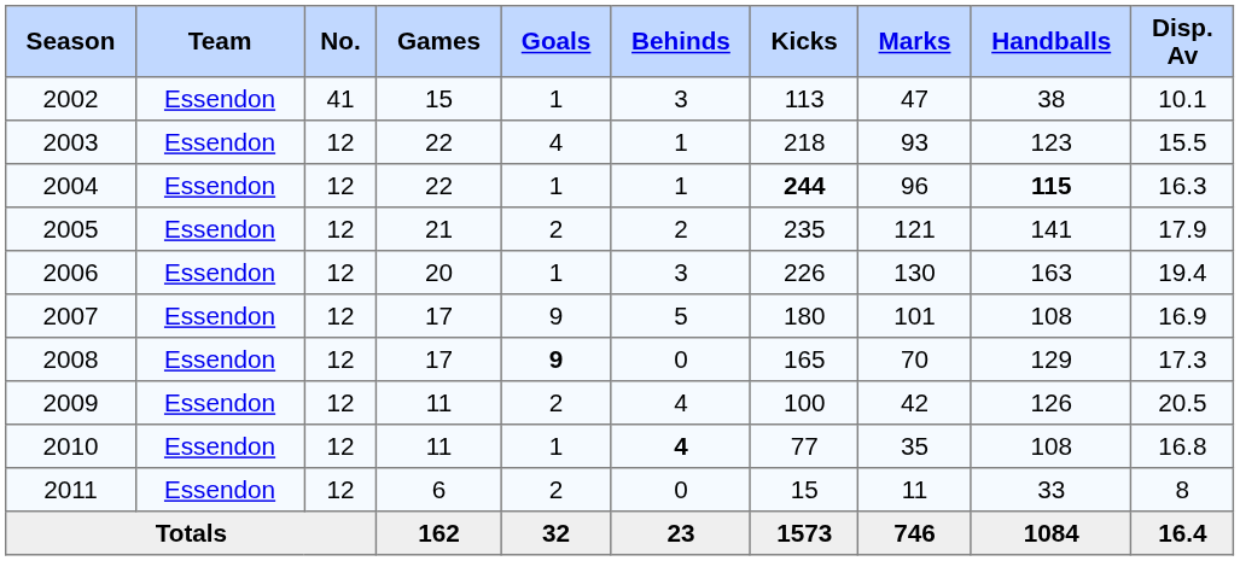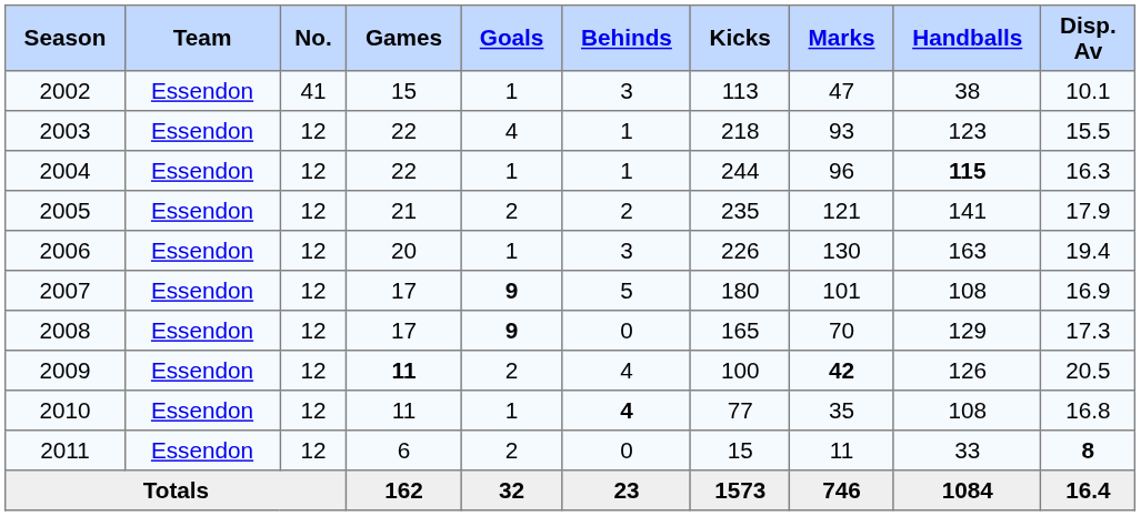 <table border="1" cellpadding="4" cellspacing="0" style="text-align:center; font-size:90%; border-collapse:collapse;" width=80%>
 <tr style="background:#C1D8FF;">
 <th width=3%>Season</th>
 <th width=5%>Team</th>
 <th width=2%>No.</th>
 <th width=3%>Games</th>
 <th width=3%><a href='#'>Goals</a></th>
 <th width=3%><a href='#'>Behinds</a></th>
 <th width=3%>Kicks</th>
 <th width=3%><a href='#'>Marks</a></th>
 <th width=3%><a href='#'>Handballs</a></th>
 <th width=3%>Disp. Av</th>
 </tr>
 <tr style="background:#F5FAFF;">
 <td>2002</td>
 <td><a href='#'>Essendon</a></td>
 <td>41</td>
 <td>15</td>
 <td>1</td>
 <td>3</td>
 <td>113</td>
 <td>47</td>
 <td>38</td>
 <td>10.1</td>
 </tr>
 <tr style="background:#F5FAFF;">
 <td>2003</td>
 <td><a href='#'>Essendon</a></td>
 <td>12</td>
 <td>22</td>
 <td>4</td>
 <td>1</td>
 <td>218</td>
 <td>93</td>
 <td>123</td>
 <td>15.5</td>
 </tr>
 <tr style="background:#F5FAFF;">
 <td>2004</td>
 <td><a href='#'>Essendon</a></td>
 <td>12</td>
 <td>22</td>
 <td>1</td>
 <td>1</td>
-<td><strong>244</strong></td>
+<td>244</td>
 <td>96</td>
 <td><strong>115</strong></td>
 <td>16.3</td>
 </tr>
 <tr style="background:#F5FAFF;">
 <td>2005</td>
 <td><a href='#'>Essendon</a></td>
 <td>12</td>
 <td>21</td>
 <td>2</td>
 <td>2</td>
 <td>235</td>
 <td>121</td>
 <td>141</td>
 <td>17.9</td>
 </tr>
 <tr style="background:#F5FAFF;">
 <td>2006</td>
 <td><a href='#'>Essendon</a></td>
 <td>12</td>
 <td>20</td>
 <td>1</td>
 <td>3</td>
 <td>226</td>
 <td>130</td>
 <td>163</td>
 <td>19.4</td>
 </tr>
 <tr style="background:#F5FAFF;">
 <td>2007</td>
 <td><a href='#'>Essendon</a></td>
 <td>12</td>
 <td>17</td>
-<td>9</td>
+<td><strong>9</strong></td>
 <td>5</td>
 <td>180</td>
 <td>101</td>
 <td>108</td>
 <td>16.9</td>
 </tr>
 <tr style="background:#F5FAFF;">
 <td>2008</td>
 <td><a href='#'>Essendon</a></td>
 <td>12</td>
 <td>17</td>
 <td><strong>9</strong></td>
 <td>0</td>
 <td>165</td>
 <td>70</td>
 <td>129</td>
 <td>17.3</td>
 </tr>
 <tr style="background:#F5FAFF;">
 <td>2009</td>
 <td><a href='#'>Essendon</a></td>
 <td>12</td>
-<td>11</td>
+<td><strong>11</strong></td>
 <td>2</td>
 <td>4</td>
 <td>100</td>
-<td>42</td>
+<td><strong>42</strong></td>
 <td>126</td>
 <td>20.5</td>
 </tr>
 <tr style="background:#F5FAFF;">
 <td>2010</td>
 <td><a href='#'>Essendon</a></td>
 <td>12</td>
 <td>11</td>
 <td>1</td>
 <td><strong>4</strong></td>
 <td>77</td>
 <td>35</td>
 <td>108</td>
 <td>16.8</td>
 </tr>
 <tr style="background:#F5FAFF;">
 <td>2011</td>
 <td><a href='#'>Essendon</a></td>
 <td>12</td>
 <td>6</td>
 <td>2</td>
 <td>0</td>
 <td>15</td>
 <td>11</td>
 <td>33</td>
-<td>8</td>
+<td><strong>8</strong></td>
 </tr>
 <tr style="background:#EFEFEF;">
 <th colspan=3>Totals</th>
 <td><strong>162</strong></td>
 <td><strong>32</strong></td>
 <td><strong>23</strong></td>
 <td><strong>1573</strong></td>
 <td><strong>746</strong></td>
 <td><strong>1084</strong></td>
 <td><strong>16.4</strong></td>
 </tr>
 </table>
